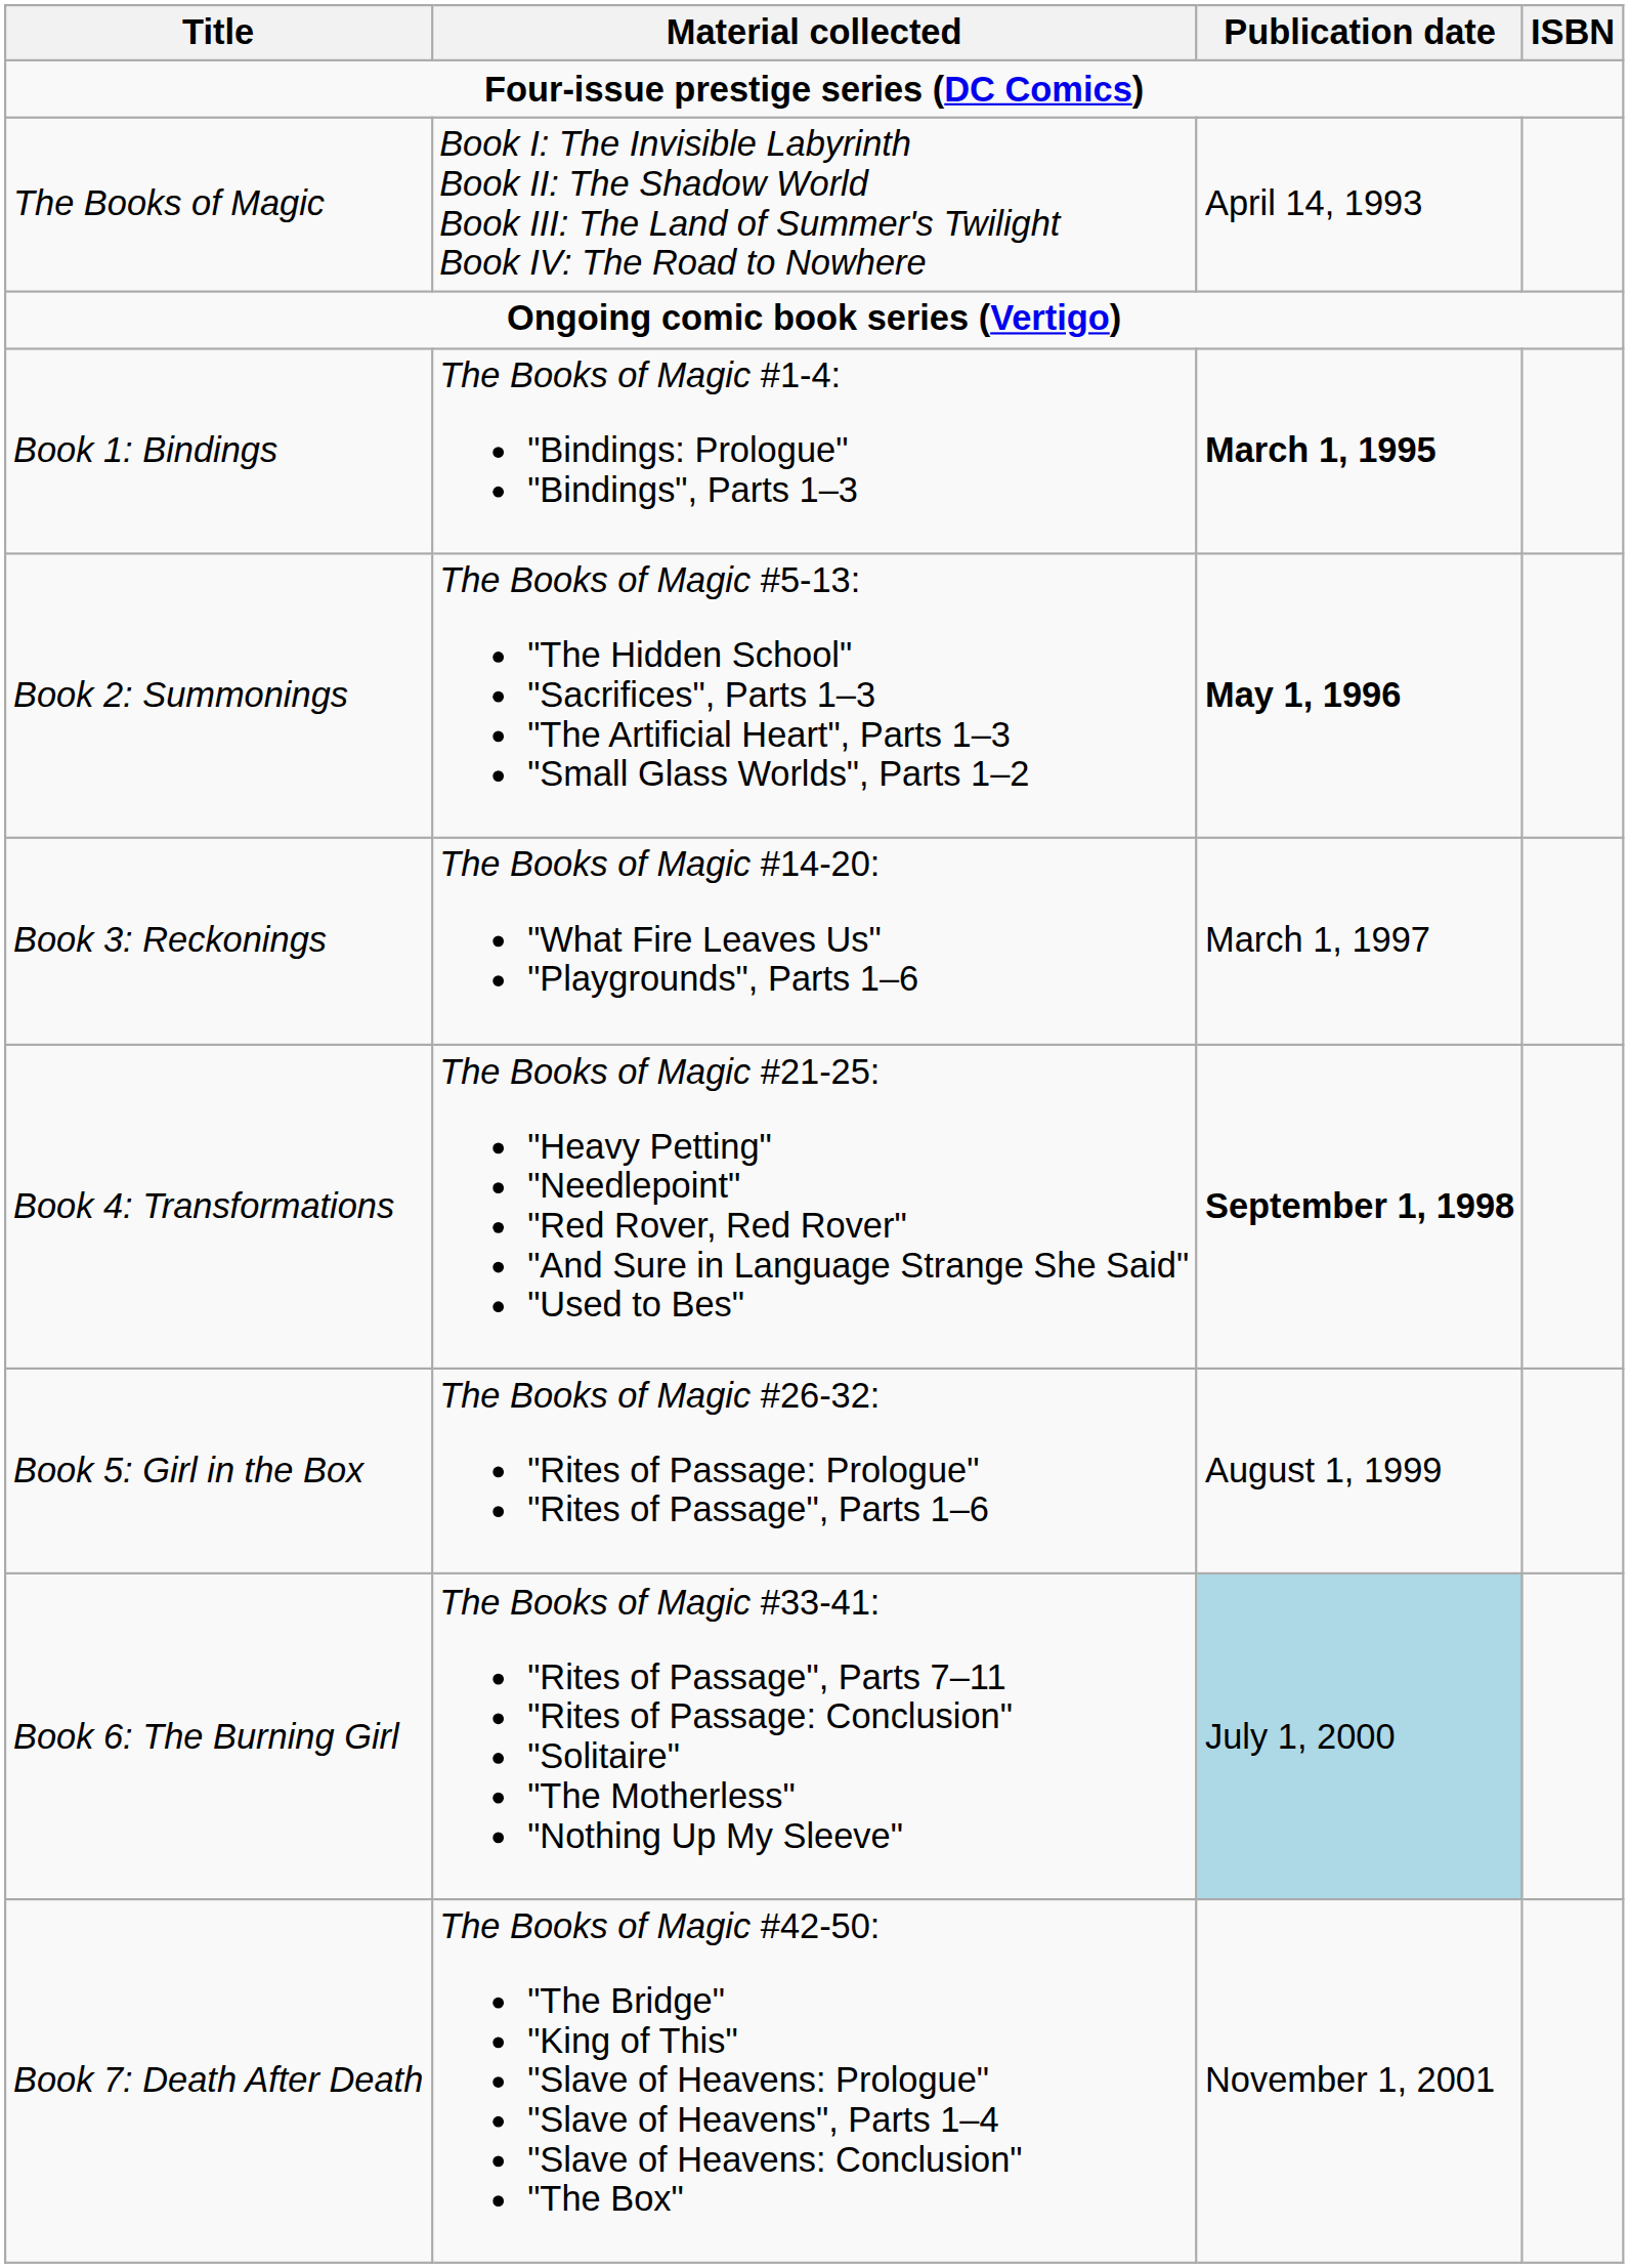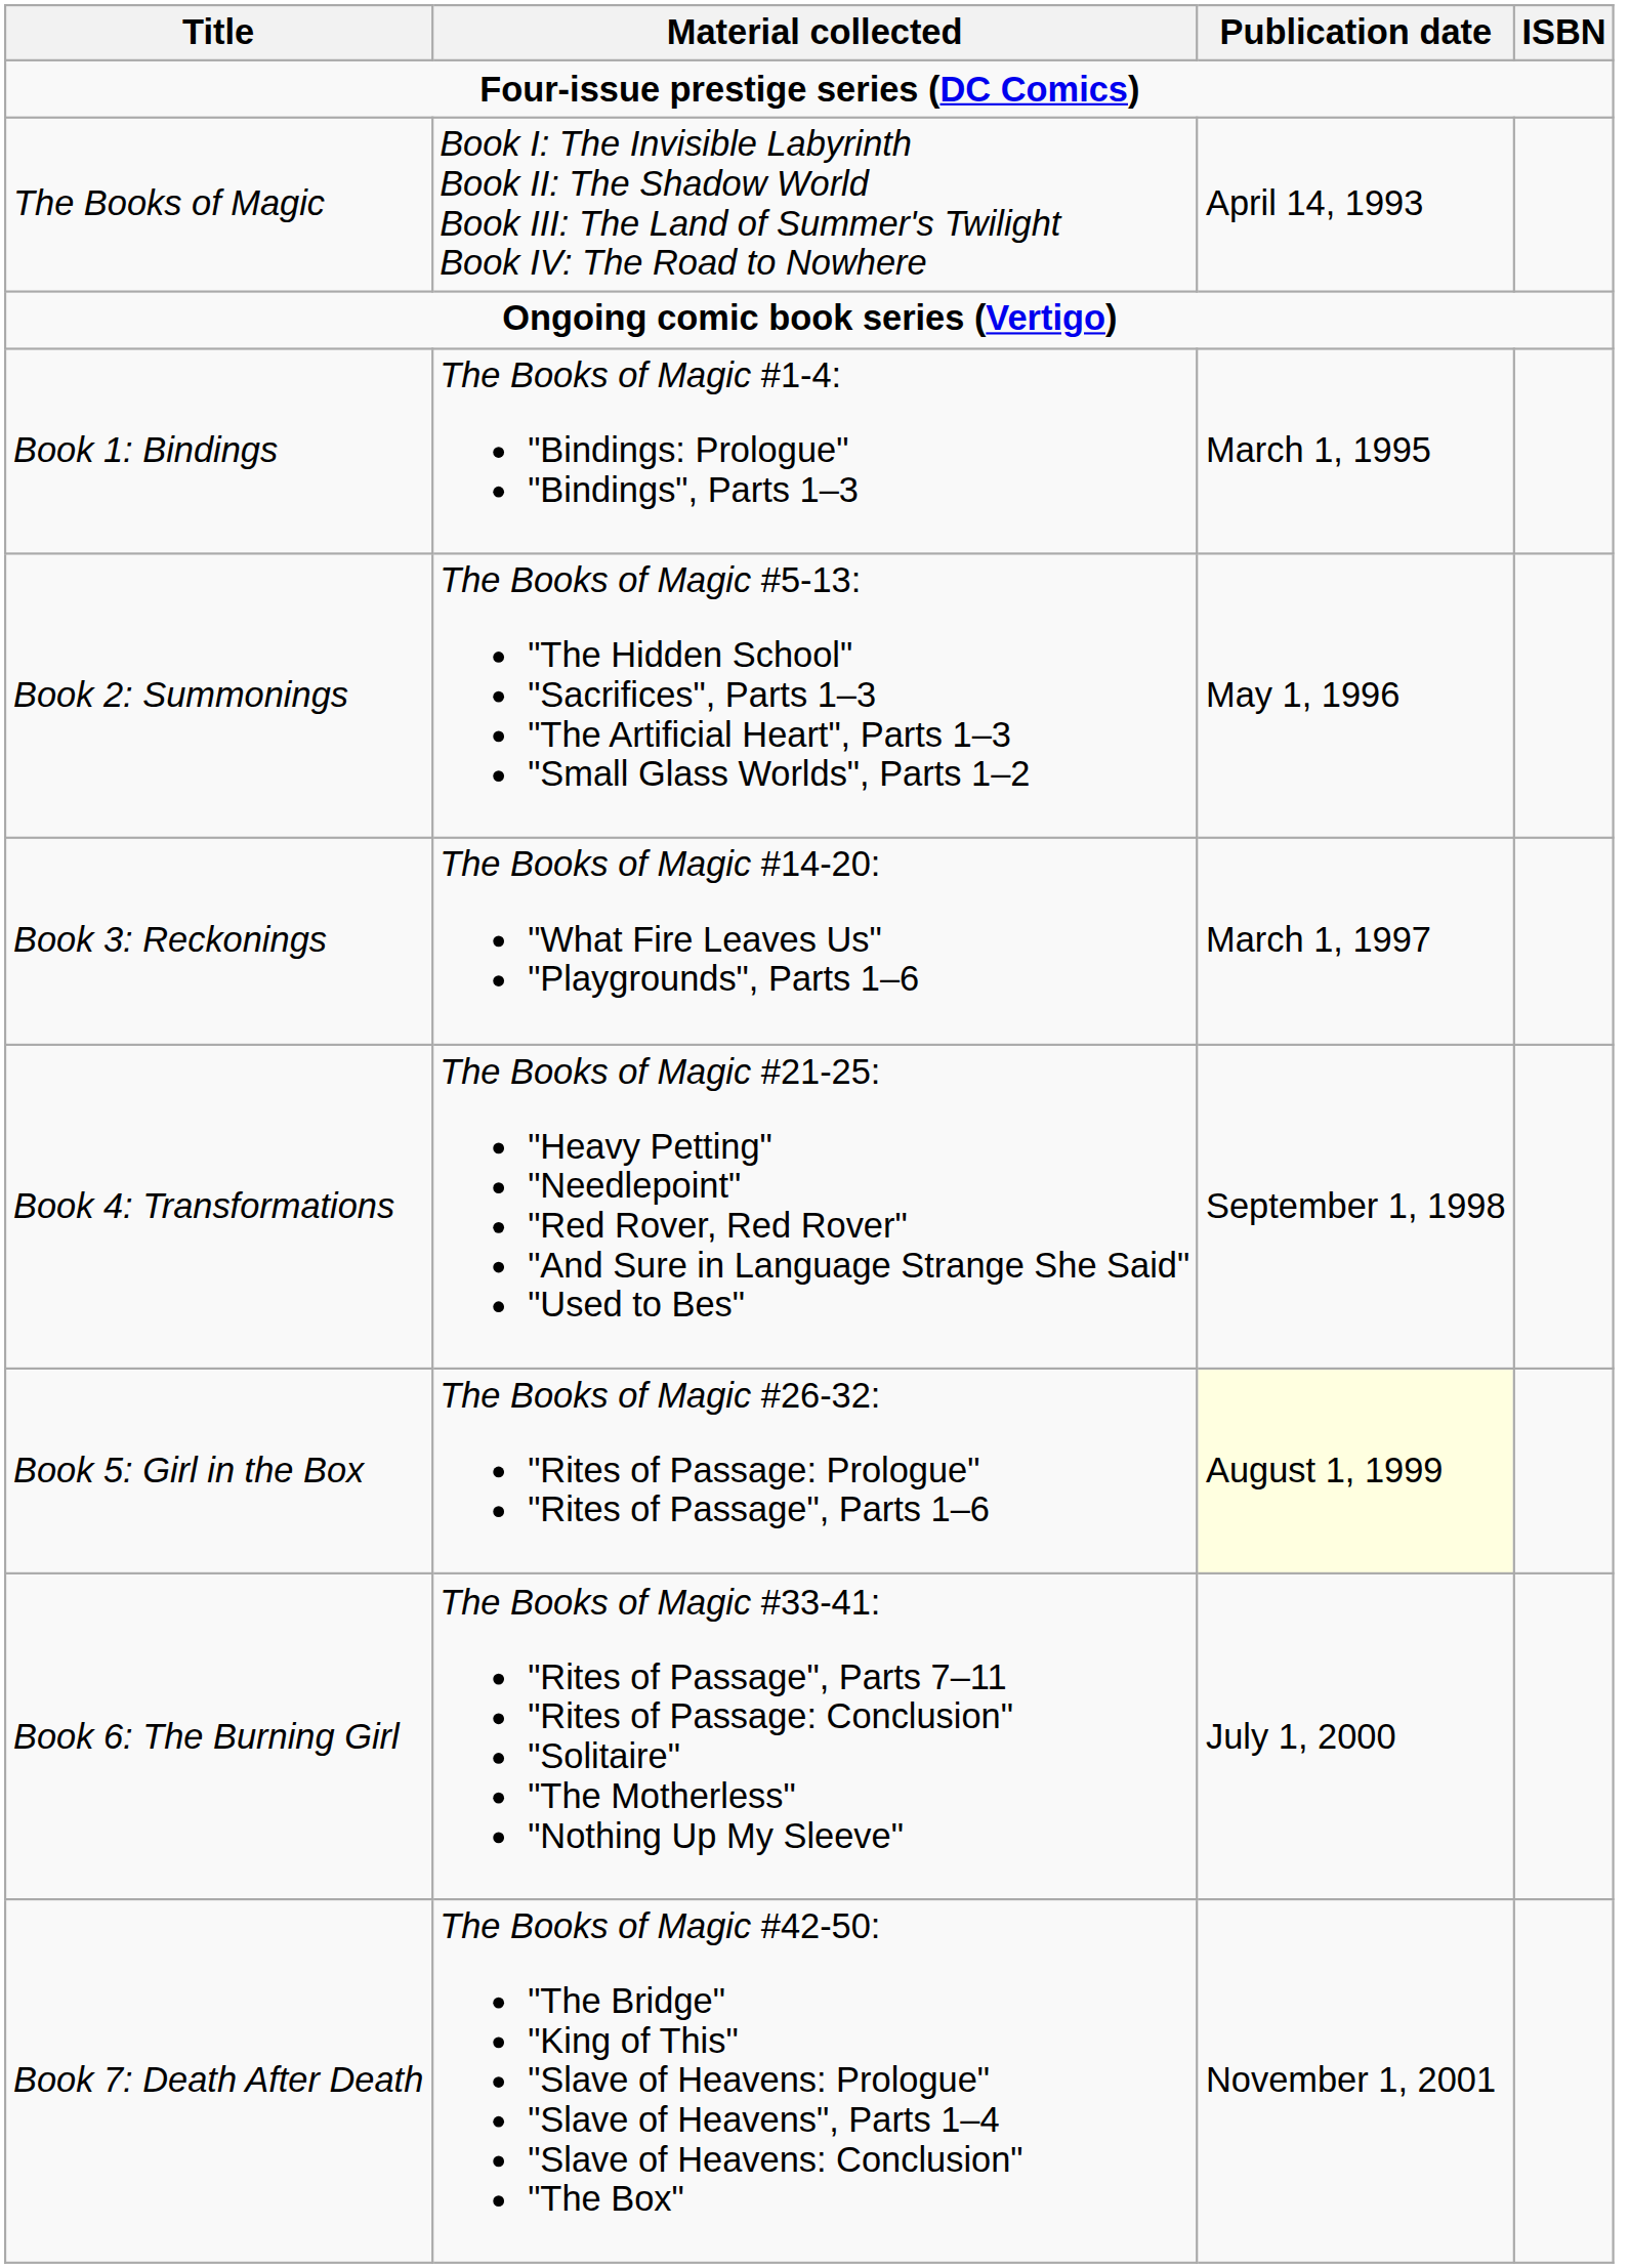 <table class="wikitable">
 <tr>
 <th>Title</th>
 <th>Material collected</th>
 <th>Publication date</th>
 <th>ISBN</th>
 </tr>
 <tr>
 <td colspan="4" align="center"><strong>Four-issue prestige series (<a href='#'>DC Comics</a>)</strong></td>
 </tr>
 <tr>
 <td><em>The Books of Magic</em></td>
 <td><em>Book I: The Invisible Labyrinth</em><br><em>Book II: The Shadow World</em><br><em>Book III: The Land of Summer's Twilight</em><br><em>Book IV: The Road to Nowhere</em></td>
 <td>April 14, 1993</td>
 <td></td>
 </tr>
 <tr>
 <td colspan="4" align="center"><strong>Ongoing comic book series (<a href='#'>Vertigo</a>)</strong></td>
 </tr>
 <tr>
 <td><em>Book 1: Bindings</em></td>
 <td><em>The Books of Magic</em> #1-4:<br><ul><li>"Bindings: Prologue"</li><li>"Bindings", Parts 1–3</li></ul></td>
-<td><strong>March 1, 1995</strong></td>
+<td>March 1, 1995</td>
 <td></td>
 </tr>
 <tr>
 <td><em>Book 2: Summonings</em></td>
 <td><em>The Books of Magic</em> #5-13:<br><ul><li>"The Hidden School"</li><li>"Sacrifices", Parts 1–3</li><li>"The Artificial Heart", Parts 1–3</li><li>"Small Glass Worlds", Parts 1–2</li></ul></td>
-<td><strong>May 1, 1996</strong></td>
+<td>May 1, 1996</td>
 <td></td>
 </tr>
 <tr>
 <td><em>Book 3: Reckonings</em></td>
 <td><em>The Books of Magic</em> #14-20:<br><ul><li>"What Fire Leaves Us"</li><li>"Playgrounds", Parts 1–6</li></ul></td>
 <td>March 1, 1997</td>
 <td></td>
 </tr>
 <tr>
 <td><em>Book 4: Transformations</em></td>
 <td><em>The Books of Magic</em> #21-25:<br><ul><li>"Heavy Petting"</li><li>"Needlepoint"</li><li>"Red Rover, Red Rover"</li><li>"And Sure in Language Strange She Said"</li><li>"Used to Bes"</li></ul></td>
-<td><strong>September 1, 1998</strong></td>
+<td>September 1, 1998</td>
 <td></td>
 </tr>
 <tr>
 <td><em>Book 5: Girl in the Box</em></td>
 <td><em>The Books of Magic</em> #26-32:<br><ul><li>"Rites of Passage: Prologue"</li><li>"Rites of Passage", Parts 1–6</li></ul></td>
-<td>August 1, 1999</td>
+<td style="background: lightyellow;">August 1, 1999</td>
 <td></td>
 </tr>
 <tr>
 <td><em>Book 6: The Burning Girl</em></td>
 <td><em>The Books of Magic</em> #33-41:<br><ul><li>"Rites of Passage", Parts 7–11</li><li>"Rites of Passage: Conclusion"</li><li>"Solitaire"</li><li>"The Motherless"</li><li>"Nothing Up My Sleeve"</li></ul></td>
-<td style="background: lightblue;">July 1, 2000</td>
+<td>July 1, 2000</td>
 <td></td>
 </tr>
 <tr>
 <td><em>Book 7: Death After Death</em></td>
 <td><em>The Books of Magic</em> #42-50:<br><ul><li>"The Bridge"</li><li>"King of This"</li><li>"Slave of Heavens: Prologue"</li><li>"Slave of Heavens", Parts 1–4</li><li>"Slave of Heavens: Conclusion"</li><li>"The Box"</li></ul></td>
 <td>November 1, 2001</td>
 <td></td>
 </tr>
 </table>
